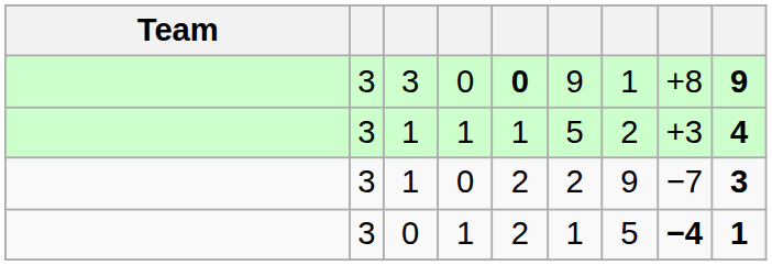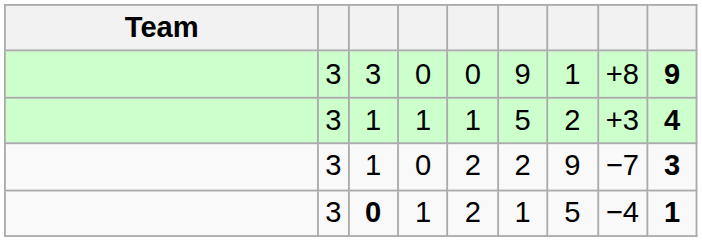 <table class="wikitable" style="text-align: center;">
 <tr>
 <th width=165>Team</th>
 <th wiBAN=20></th>
 <th width=20></th>
 <th width=20></th>
 <th width=20></th>
 <th width=20></th>
 <th width=20></th>
 <th width=20></th>
 <th width=20></th>
 </tr>
 <tr bgcolor=ccffcc>
 <td align=left></td>
 <td>3</td>
 <td>3</td>
 <td>0</td>
-<td><strong>0</strong></td>
+<td>0</td>
 <td>9</td>
 <td>1</td>
 <td>+8</td>
 <td><strong>9</strong></td>
 </tr>
 <tr bgcolor=ccffcc>
 <td align=left></td>
 <td>3</td>
 <td>1</td>
 <td>1</td>
 <td>1</td>
 <td>5</td>
 <td>2</td>
 <td>+3</td>
 <td><strong>4</strong></td>
 </tr>
 <tr bgcolor=>
 <td align=left></td>
 <td>3</td>
 <td>1</td>
 <td>0</td>
 <td>2</td>
 <td>2</td>
 <td>9</td>
 <td>−7</td>
 <td><strong>3</strong></td>
 </tr>
 <tr bgcolor=>
 <td align=left></td>
 <td>3</td>
-<td>0</td>
+<td><strong>0</strong></td>
 <td>1</td>
 <td>2</td>
 <td>1</td>
 <td>5</td>
-<td><strong>−4</strong></td>
+<td>−4</td>
 <td><strong>1</strong></td>
 </tr>
 </table>
